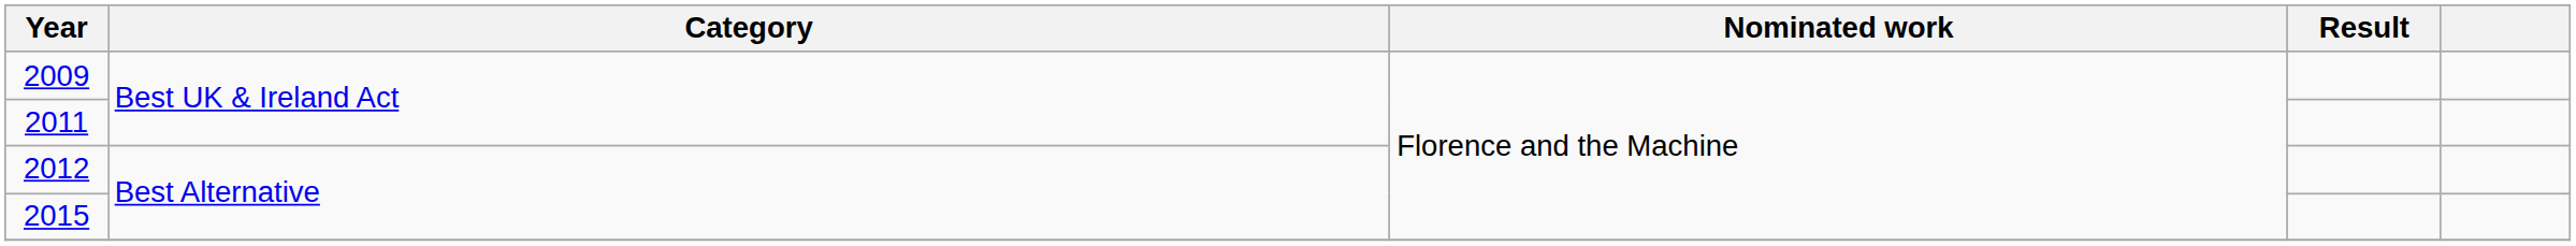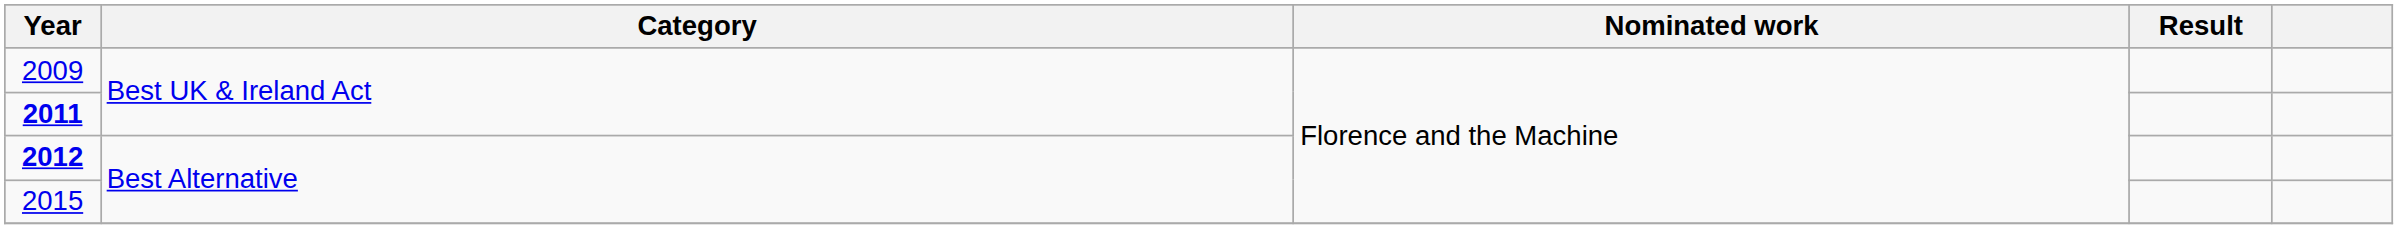 <table class="wikitable plainrowheaders" style="width:70%;">
 <tr>
 <th scope="col" style="width:4%;">Year</th>
 <th scope="col" style="width:50%;">Category</th>
 <th scope="col" style="width:35%;">Nominated work</th>
 <th scope="col" style="width:6%;">Result</th>
 <th scope="col" style="width:6%;"></th>
 </tr>
 <tr>
 <td style="text-align:center;"><a href='#'>2009</a></td>
 <td rowspan="2"><a href='#'>Best UK & Ireland Act</a></td>
 <td rowspan="4">Florence and the Machine</td>
 <td></td>
 <td></td>
 </tr>
 <tr>
-<td style="text-align:center;"><a href='#'>2011</a></td>
+<td style="text-align:center;"><strong><a href='#'>2011</a></strong></td>
 <td></td>
 <td></td>
 </tr>
 <tr>
-<td style="text-align:center;"><a href='#'>2012</a></td>
+<td style="text-align:center;"><strong><a href='#'>2012</a></strong></td>
 <td rowspan="2"><a href='#'>Best Alternative</a></td>
 <td></td>
 <td></td>
 </tr>
 <tr>
 <td style="text-align:center;"><a href='#'>2015</a></td>
 <td></td>
 <td style="text-align:center;"></td>
 </tr>
 <tr>
 </tr>
 </table>
